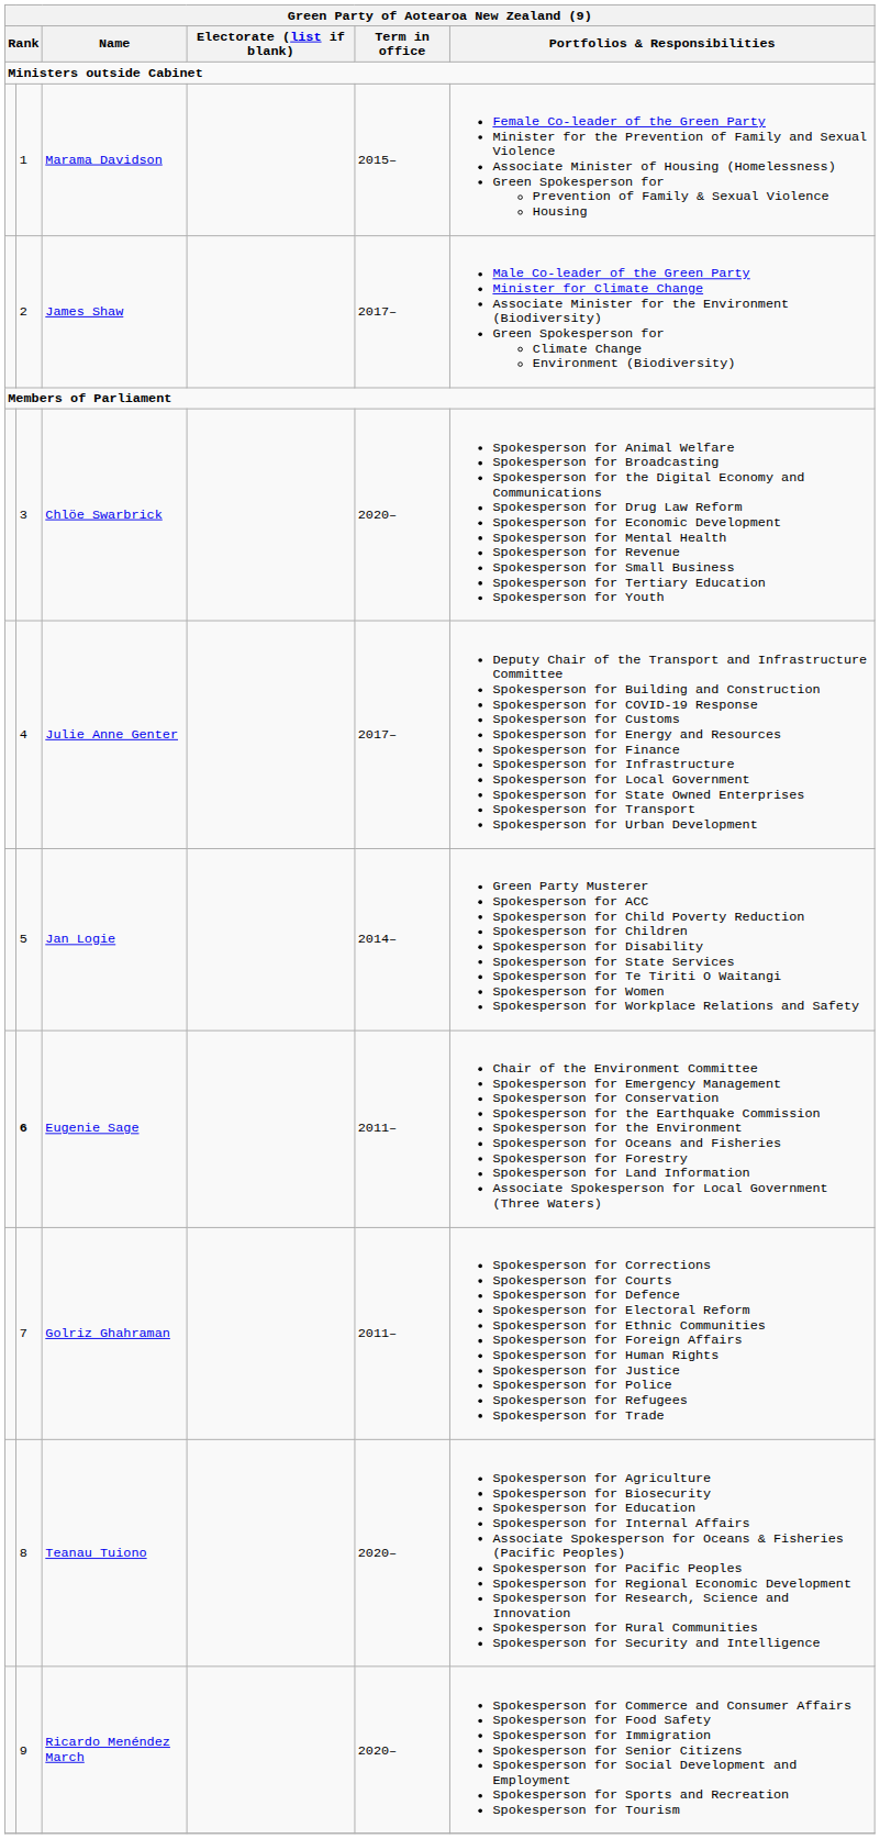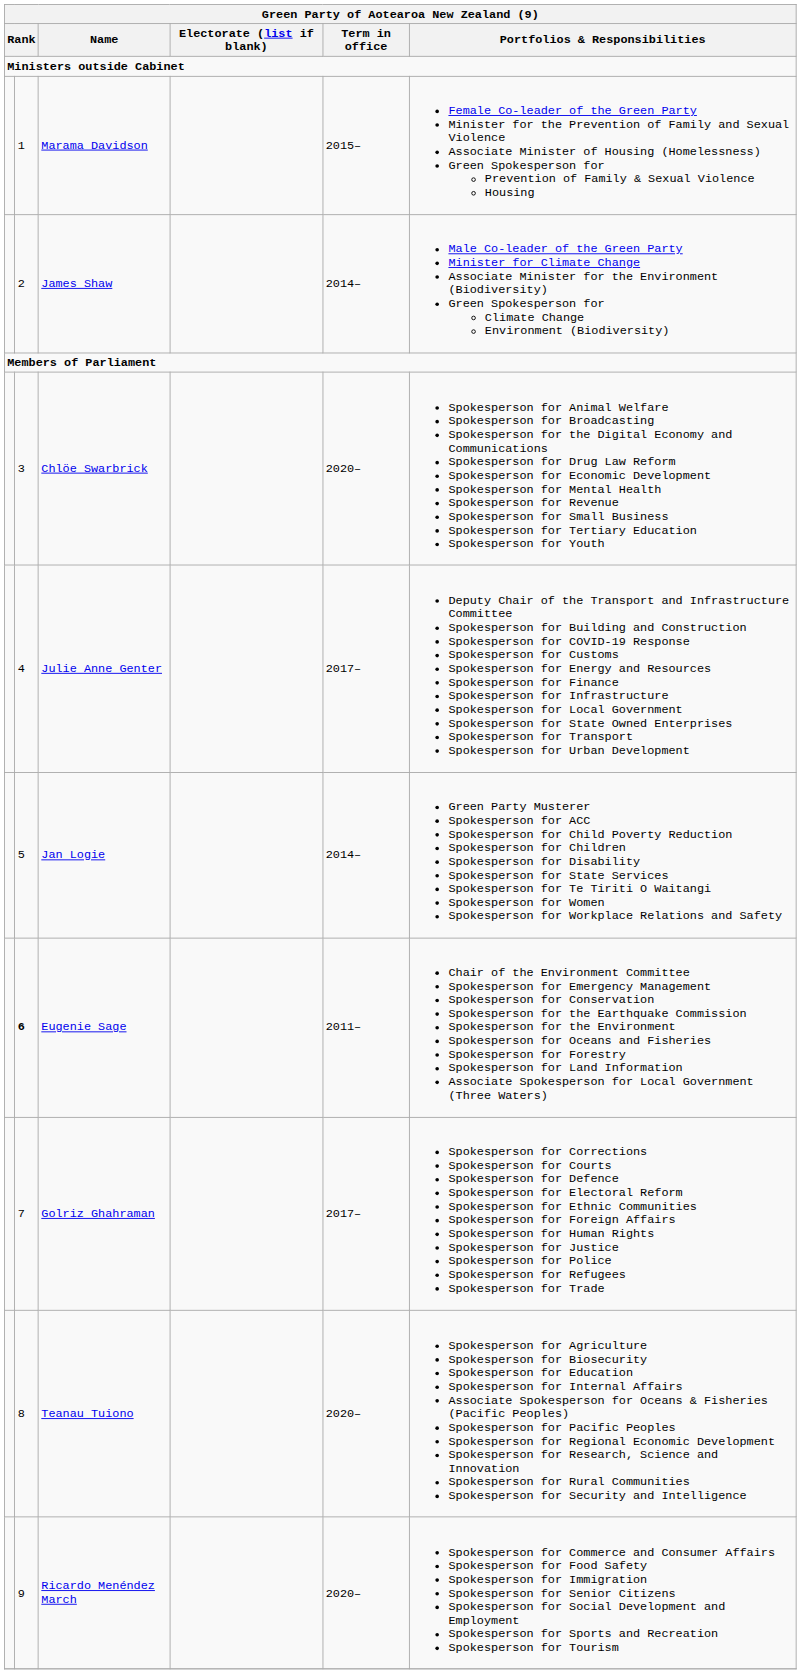 <table role="presentation" class="wikitable mw-collapsible mw-collapsed">
 <tr>
 <th colspan="6" style="width: 700pt; background: ">Green Party of Aotearoa New Zealand (9)</th>
 </tr>
 <tr>
 <th colspan="2">Rank</th>
 <th>Name</th>
 <th>Electorate (<a href='#'>list</a> if blank)</th>
 <th>Term in office</th>
 <th>Portfolios & Responsibilities</th>
 </tr>
 <tr>
 <td colspan=6><strong>Ministers outside Cabinet</strong></td>
 </tr>
 <tr>
 <td></td>
 <td>1</td>
 <td><a href='#'>Marama Davidson</a></td>
 <td></td>
 <td>2015–</td>
 <td><br><ul><li><a href='#'>Female Co-leader of the Green Party</a></li><li>Minister for the Prevention of Family and Sexual Violence</li><li>Associate Minister of Housing (Homelessness)</li><li>Green Spokesperson for<ul><li>Prevention of Family & Sexual Violence</li><li>Housing</li></ul></li></ul></td>
 </tr>
 <tr>
 <td></td>
 <td>2</td>
 <td><a href='#'>James Shaw</a></td>
 <td></td>
-<td>2017–</td>
+<td>2014–</td>
 <td><br><ul><li><a href='#'>Male Co-leader of the Green Party</a></li><li><a href='#'>Minister for Climate Change</a></li><li>Associate Minister for the Environment (Biodiversity)</li><li>Green Spokesperson for<ul><li>Climate Change</li><li>Environment (Biodiversity)</li></ul></li></ul></td>
 </tr>
 <tr>
 <td colspan=6><strong>Members of Parliament</strong></td>
 </tr>
 <tr>
 <td></td>
 <td>3</td>
 <td><a href='#'>Chlöe Swarbrick</a></td>
 <td></td>
 <td>2020–</td>
 <td><br><ul><li>Spokesperson for Animal Welfare</li><li>Spokesperson for Broadcasting</li><li>Spokesperson for the Digital Economy and Communications</li><li>Spokesperson for Drug Law Reform</li><li>Spokesperson for Economic Development</li><li>Spokesperson for Mental Health</li><li>Spokesperson for Revenue</li><li>Spokesperson for Small Business</li><li>Spokesperson for Tertiary Education</li><li>Spokesperson for Youth</li></ul></td>
 </tr>
 <tr>
 <td></td>
 <td>4</td>
 <td><a href='#'>Julie Anne Genter</a></td>
 <td></td>
 <td>2017–</td>
 <td><br><ul><li>Deputy Chair of the Transport and Infrastructure Committee</li><li>Spokesperson for Building and Construction</li><li>Spokesperson for COVID-19 Response</li><li>Spokesperson for Customs</li><li>Spokesperson for Energy and Resources</li><li>Spokesperson for Finance</li><li>Spokesperson for Infrastructure</li><li>Spokesperson for Local Government</li><li>Spokesperson for State Owned Enterprises</li><li>Spokesperson for Transport</li><li>Spokesperson for Urban Development</li></ul></td>
 </tr>
 <tr>
 <td></td>
 <td>5</td>
 <td><a href='#'>Jan Logie</a></td>
 <td></td>
 <td>2014–</td>
 <td><br><ul><li>Green Party Musterer</li><li>Spokesperson for ACC</li><li>Spokesperson for Child Poverty Reduction</li><li>Spokesperson for Children</li><li>Spokesperson for Disability</li><li>Spokesperson for State Services</li><li>Spokesperson for Te Tiriti O Waitangi</li><li>Spokesperson for Women</li><li>Spokesperson for Workplace Relations and Safety</li></ul></td>
 </tr>
 <tr>
 <td></td>
 <td><strong>6</strong></td>
 <td><a href='#'>Eugenie Sage</a></td>
 <td></td>
 <td>2011–</td>
 <td><br><ul><li>Chair of the Environment Committee</li><li>Spokesperson for Emergency Management</li><li>Spokesperson for Conservation</li><li>Spokesperson for the Earthquake Commission</li><li>Spokesperson for the Environment</li><li>Spokesperson for Oceans and Fisheries</li><li>Spokesperson for Forestry</li><li>Spokesperson for Land Information</li><li>Associate Spokesperson for Local Government (Three Waters)</li></ul></td>
 </tr>
 <tr>
 <td></td>
 <td>7</td>
 <td><a href='#'>Golriz Ghahraman</a></td>
 <td></td>
-<td>2011–</td>
+<td>2017–</td>
 <td><br><ul><li>Spokesperson for Corrections</li><li>Spokesperson for Courts</li><li>Spokesperson for Defence</li><li>Spokesperson for Electoral Reform</li><li>Spokesperson for Ethnic Communities</li><li>Spokesperson for Foreign Affairs</li><li>Spokesperson for Human Rights</li><li>Spokesperson for Justice</li><li>Spokesperson for Police</li><li>Spokesperson for Refugees</li><li>Spokesperson for Trade</li></ul></td>
 </tr>
 <tr>
 <td></td>
 <td>8</td>
 <td><a href='#'>Teanau Tuiono</a></td>
 <td></td>
 <td>2020–</td>
 <td><br><ul><li>Spokesperson for Agriculture</li><li>Spokesperson for Biosecurity</li><li>Spokesperson for Education</li><li>Spokesperson for Internal Affairs</li><li>Associate Spokesperson for Oceans & Fisheries (Pacific Peoples)</li><li>Spokesperson for Pacific Peoples</li><li>Spokesperson for Regional Economic Development</li><li>Spokesperson for Research, Science and Innovation</li><li>Spokesperson for Rural Communities</li><li>Spokesperson for Security and Intelligence</li></ul></td>
 </tr>
 <tr>
 <td></td>
 <td>9</td>
 <td><a href='#'>Ricardo Menéndez March</a></td>
 <td></td>
 <td>2020–</td>
 <td><br><ul><li>Spokesperson for Commerce and Consumer Affairs</li><li>Spokesperson for Food Safety</li><li>Spokesperson for Immigration</li><li>Spokesperson for Senior Citizens</li><li>Spokesperson for Social Development and Employment</li><li>Spokesperson for Sports and Recreation</li><li>Spokesperson for Tourism</li></ul></td>
 </tr>
 <tr>
 </tr>
 </table>
